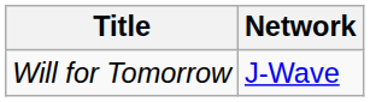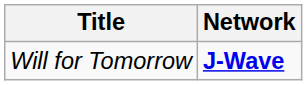 <table class="wikitable">
 <tr>
 <th>Title</th>
 <th>Network</th>
 </tr>
 <tr>
 <td><em>Will for Tomorrow</em></td>
-<td><a href='#'>J-Wave</a></td>
+<td><strong><a href='#'>J-Wave</a></strong></td>
 </tr>
 </table>
